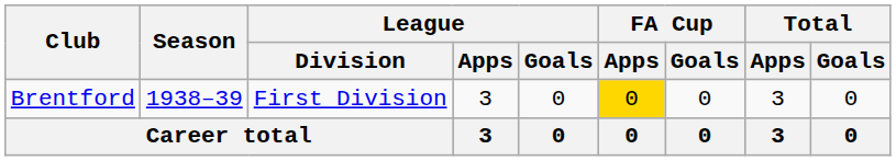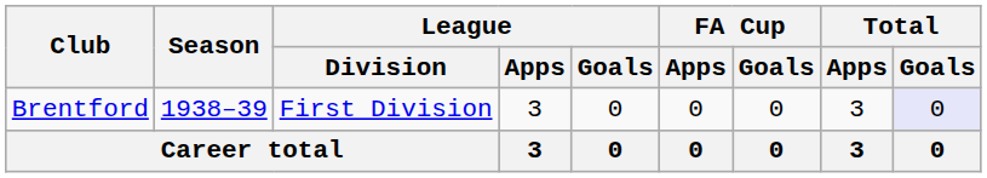 <table class="wikitable" style="text-align: center;">
 <tr>
 <th rowspan="2">Club</th>
 <th rowspan="2">Season</th>
 <th colspan="3">League</th>
 <th colspan="2">FA Cup</th>
 <th colspan="2">Total</th>
 </tr>
 <tr>
 <th>Division</th>
 <th>Apps</th>
 <th>Goals</th>
 <th>Apps</th>
 <th>Goals</th>
 <th>Apps</th>
 <th>Goals</th>
 </tr>
 <tr>
 <td><a href='#'>Brentford</a></td>
 <td><a href='#'>1938–39</a></td>
 <td><a href='#'>First Division</a></td>
 <td>3</td>
 <td>0</td>
-<td style="background: gold;">0</td>
+<td>0</td>
 <td>0</td>
 <td>3</td>
-<td>0</td>
+<td style="background: lavender;">0</td>
 </tr>
 <tr>
 <th colspan="3">Career total</th>
 <th>3</th>
 <th>0</th>
 <th>0</th>
 <th>0</th>
 <th>3</th>
 <th>0</th>
 </tr>
 </table>
